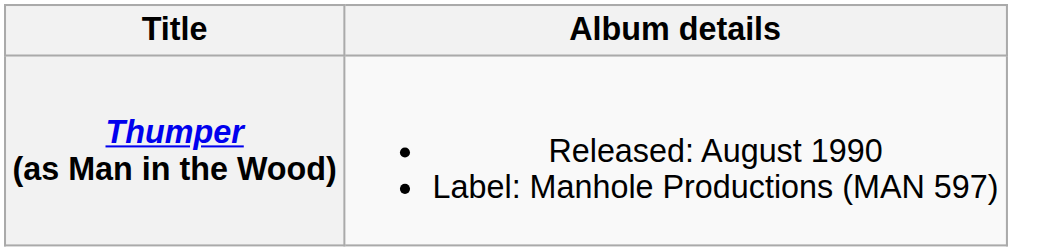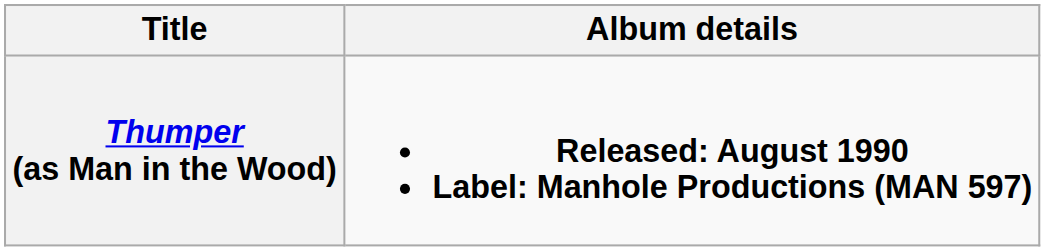 <table class="wikitable plainrowheaders" style="text-align:center;" border="1">
 <tr>
 <th scope="col">Title</th>
 <th scope="col">Album details</th>
 </tr>
 <tr>
 <th scope="row"><em><a href='#'>Thumper</a></em> <br> (as Man in the Wood)</th>
-<td><br><ul><li>Released: August 1990</li><li>Label: Manhole Productions (MAN 597)</li></ul></td>
+<td><strong><br><ul><li>Released: August 1990</li><li>Label: Manhole Productions (MAN 597)</li></ul></strong></td>
 </tr>
 </table>
